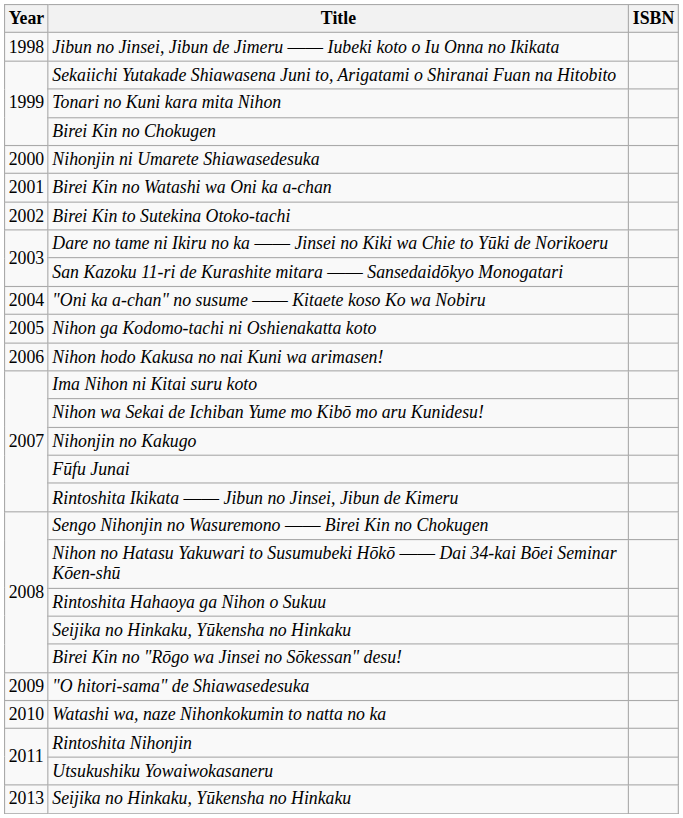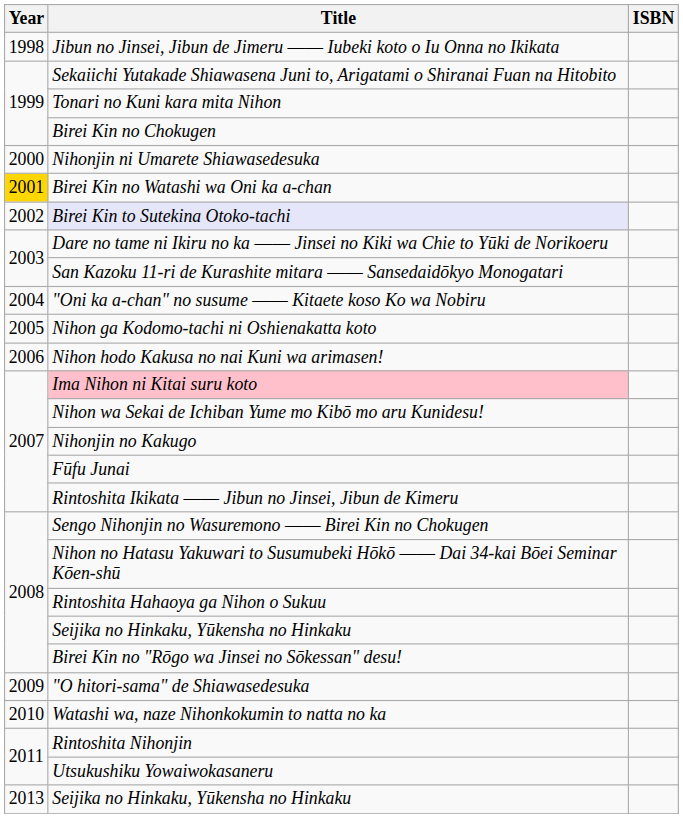 <table class="wikitable">
 <tr>
 <th>Year</th>
 <th>Title</th>
 <th>ISBN</th>
 </tr>
 <tr>
 <td>1998</td>
 <td><em>Jibun no Jinsei, Jibun de Jimeru ―― Iubeki koto o Iu Onna no Ikikata</em></td>
 <td></td>
 </tr>
 <tr>
 <td rowspan="3">1999</td>
 <td><em>Sekaiichi Yutakade Shiawasena Juni to, Arigatami o Shiranai Fuan na Hitobito</em></td>
 <td></td>
 </tr>
 <tr>
 <td><em>Tonari no Kuni kara mita Nihon</em></td>
 <td></td>
 </tr>
 <tr>
 <td><em>Birei Kin no Chokugen</em></td>
 <td></td>
 </tr>
 <tr>
 <td>2000</td>
 <td><em>Nihonjin ni Umarete Shiawasedesuka</em></td>
 <td></td>
 </tr>
 <tr>
-<td>2001</td>
+<td style="background: gold;">2001</td>
 <td><em>Birei Kin no Watashi wa Oni ka a-chan</em></td>
 <td></td>
 </tr>
 <tr>
 <td>2002</td>
-<td><em>Birei Kin to Sutekina Otoko-tachi</em></td>
+<td style="background: lavender;"><em>Birei Kin to Sutekina Otoko-tachi</em></td>
 <td></td>
 </tr>
 <tr>
 <td rowspan="2">2003</td>
 <td><em>Dare no tame ni Ikiru no ka ―― Jinsei no Kiki wa Chie to Yūki de Norikoeru</em></td>
 <td></td>
 </tr>
 <tr>
 <td><em>San Kazoku 11-ri de Kurashite mitara ―― Sansedaidōkyo Monogatari</em></td>
 <td></td>
 </tr>
 <tr>
 <td>2004</td>
 <td><em>"Oni ka a-chan" no susume ―― Kitaete koso Ko wa Nobiru</em></td>
 <td></td>
 </tr>
 <tr>
 <td>2005</td>
 <td><em>Nihon ga Kodomo-tachi ni Oshienakatta koto</em></td>
 <td></td>
 </tr>
 <tr>
 <td>2006</td>
 <td><em>Nihon hodo Kakusa no nai Kuni wa arimasen!</em></td>
 <td></td>
 </tr>
 <tr>
 <td rowspan="5">2007</td>
-<td><em>Ima Nihon ni Kitai suru koto</em></td>
+<td style="background: pink;"><em>Ima Nihon ni Kitai suru koto</em></td>
 <td></td>
 </tr>
 <tr>
 <td><em>Nihon wa Sekai de Ichiban Yume mo Kibō mo aru Kunidesu!</em></td>
 <td></td>
 </tr>
 <tr>
 <td><em>Nihonjin no Kakugo</em></td>
 <td></td>
 </tr>
 <tr>
 <td><em>Fūfu Junai</em></td>
 <td></td>
 </tr>
 <tr>
 <td><em>Rintoshita Ikikata ―― Jibun no Jinsei, Jibun de Kimeru</em></td>
 <td></td>
 </tr>
 <tr>
 <td rowspan="5">2008</td>
 <td><em>Sengo Nihonjin no Wasuremono ―― Birei Kin no Chokugen</em></td>
 <td></td>
 </tr>
 <tr>
 <td><em>Nihon no Hatasu Yakuwari to Susumubeki Hōkō ―― Dai 34-kai Bōei Seminar Kōen-shū</em></td>
 <td></td>
 </tr>
 <tr>
 <td><em>Rintoshita Hahaoya ga Nihon o Sukuu</em></td>
 <td></td>
 </tr>
 <tr>
 <td><em>Seijika no Hinkaku, Yūkensha no Hinkaku</em></td>
 <td></td>
 </tr>
 <tr>
 <td><em>Birei Kin no "Rōgo wa Jinsei no Sōkessan" desu!</em></td>
 <td></td>
 </tr>
 <tr>
 <td>2009</td>
 <td><em>"O hitori-sama" de Shiawasedesuka</em></td>
 <td></td>
 </tr>
 <tr>
 <td>2010</td>
 <td><em>Watashi wa, naze Nihonkokumin to natta no ka</em></td>
 <td></td>
 </tr>
 <tr>
 <td rowspan="2">2011</td>
 <td><em>Rintoshita Nihonjin</em></td>
 <td></td>
 </tr>
 <tr>
 <td><em>Utsukushiku Yowaiwokasaneru</em></td>
 <td></td>
 </tr>
 <tr>
 <td>2013</td>
 <td><em>Seijika no Hinkaku, Yūkensha no Hinkaku</em></td>
 <td></td>
 </tr>
 </table>
